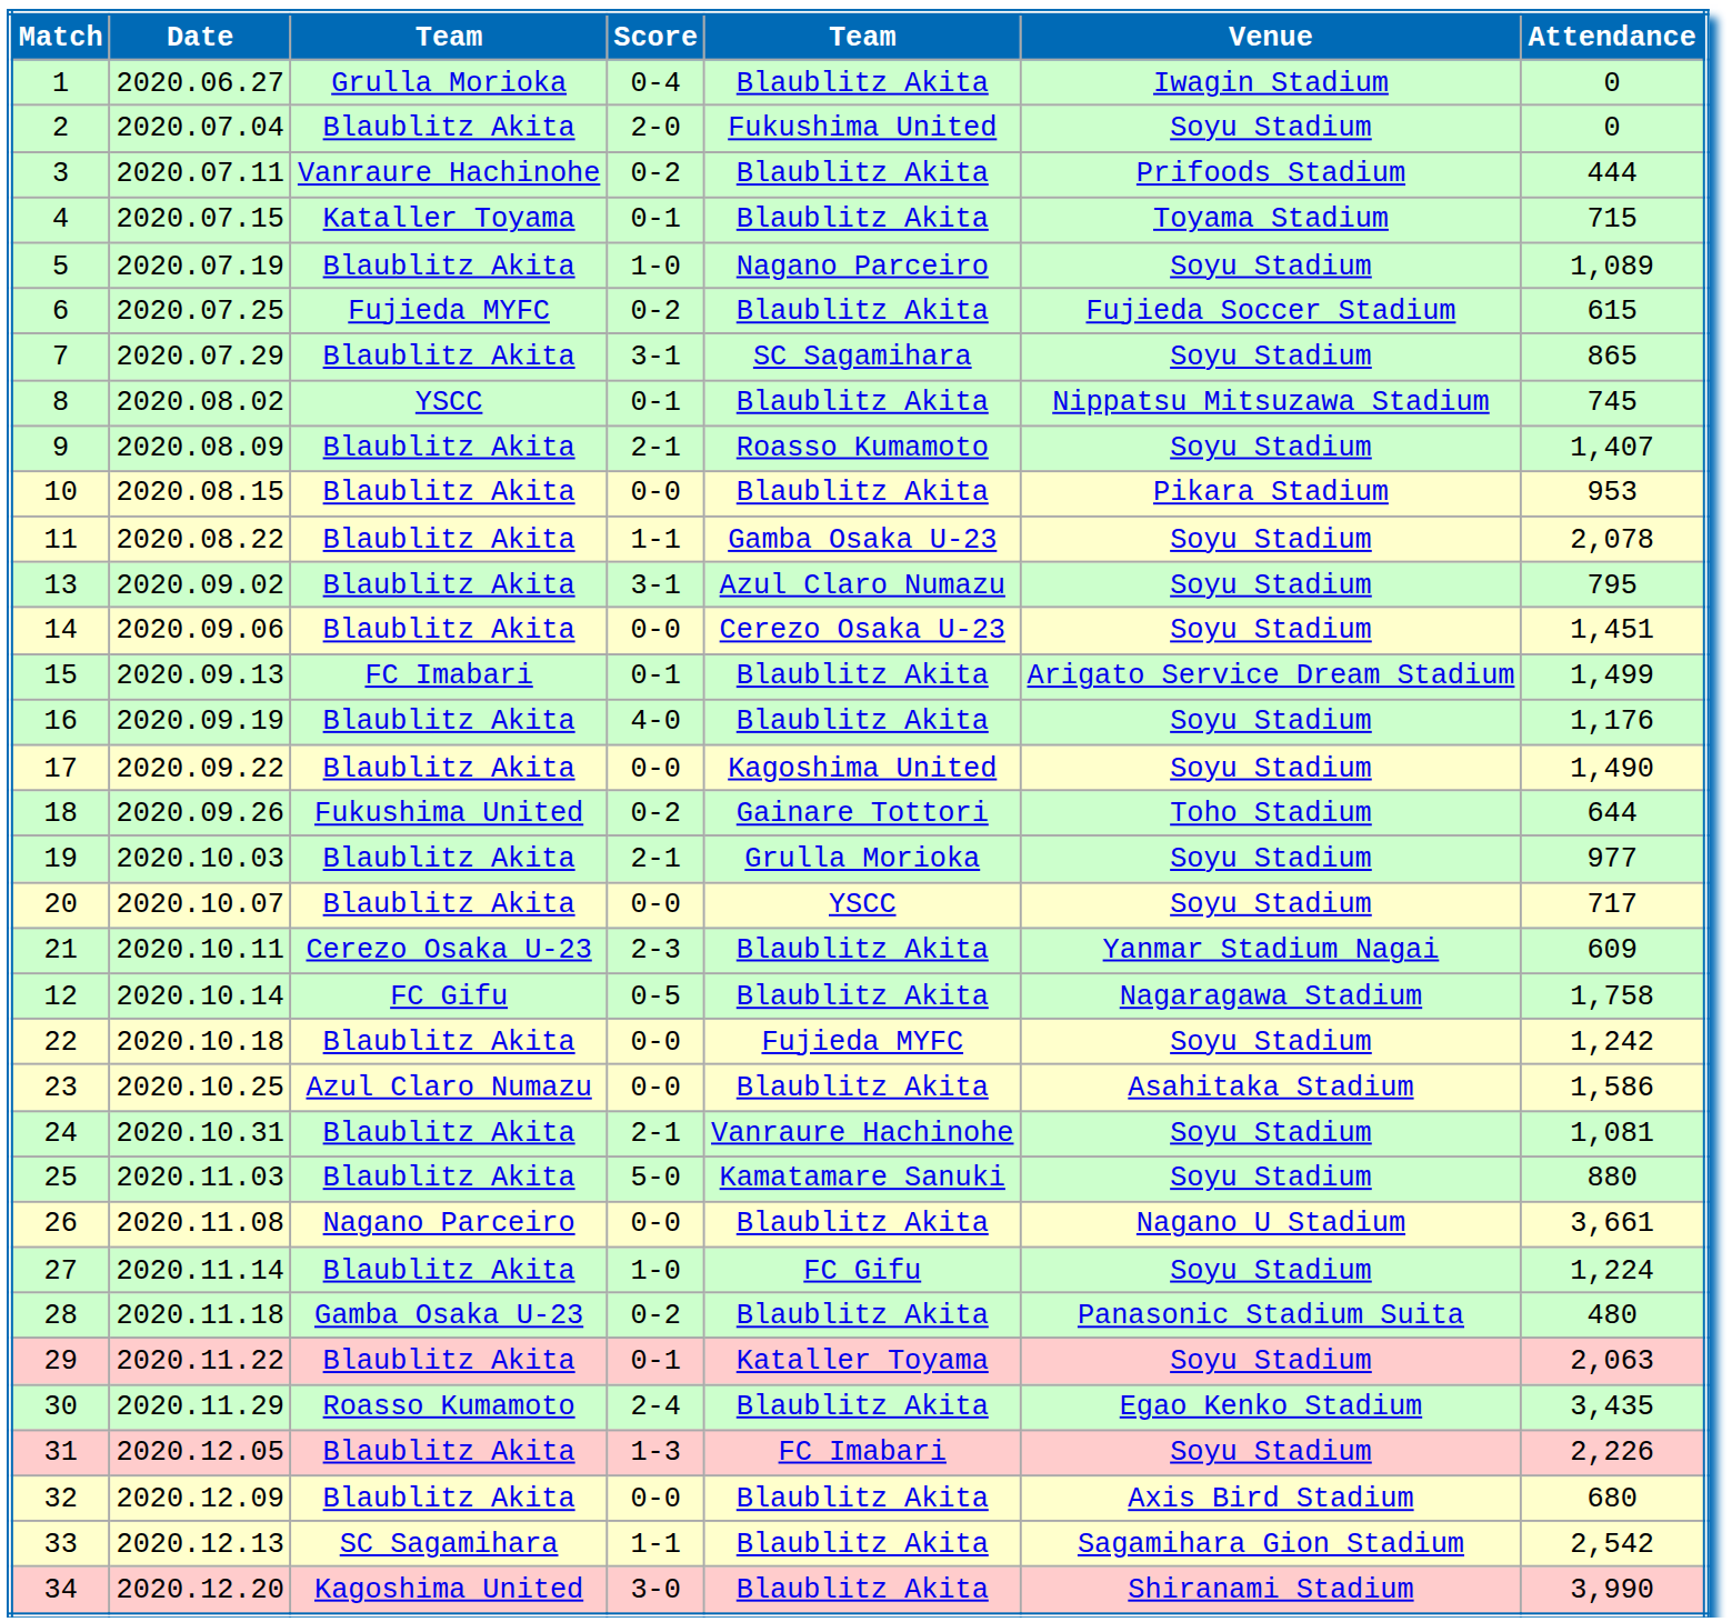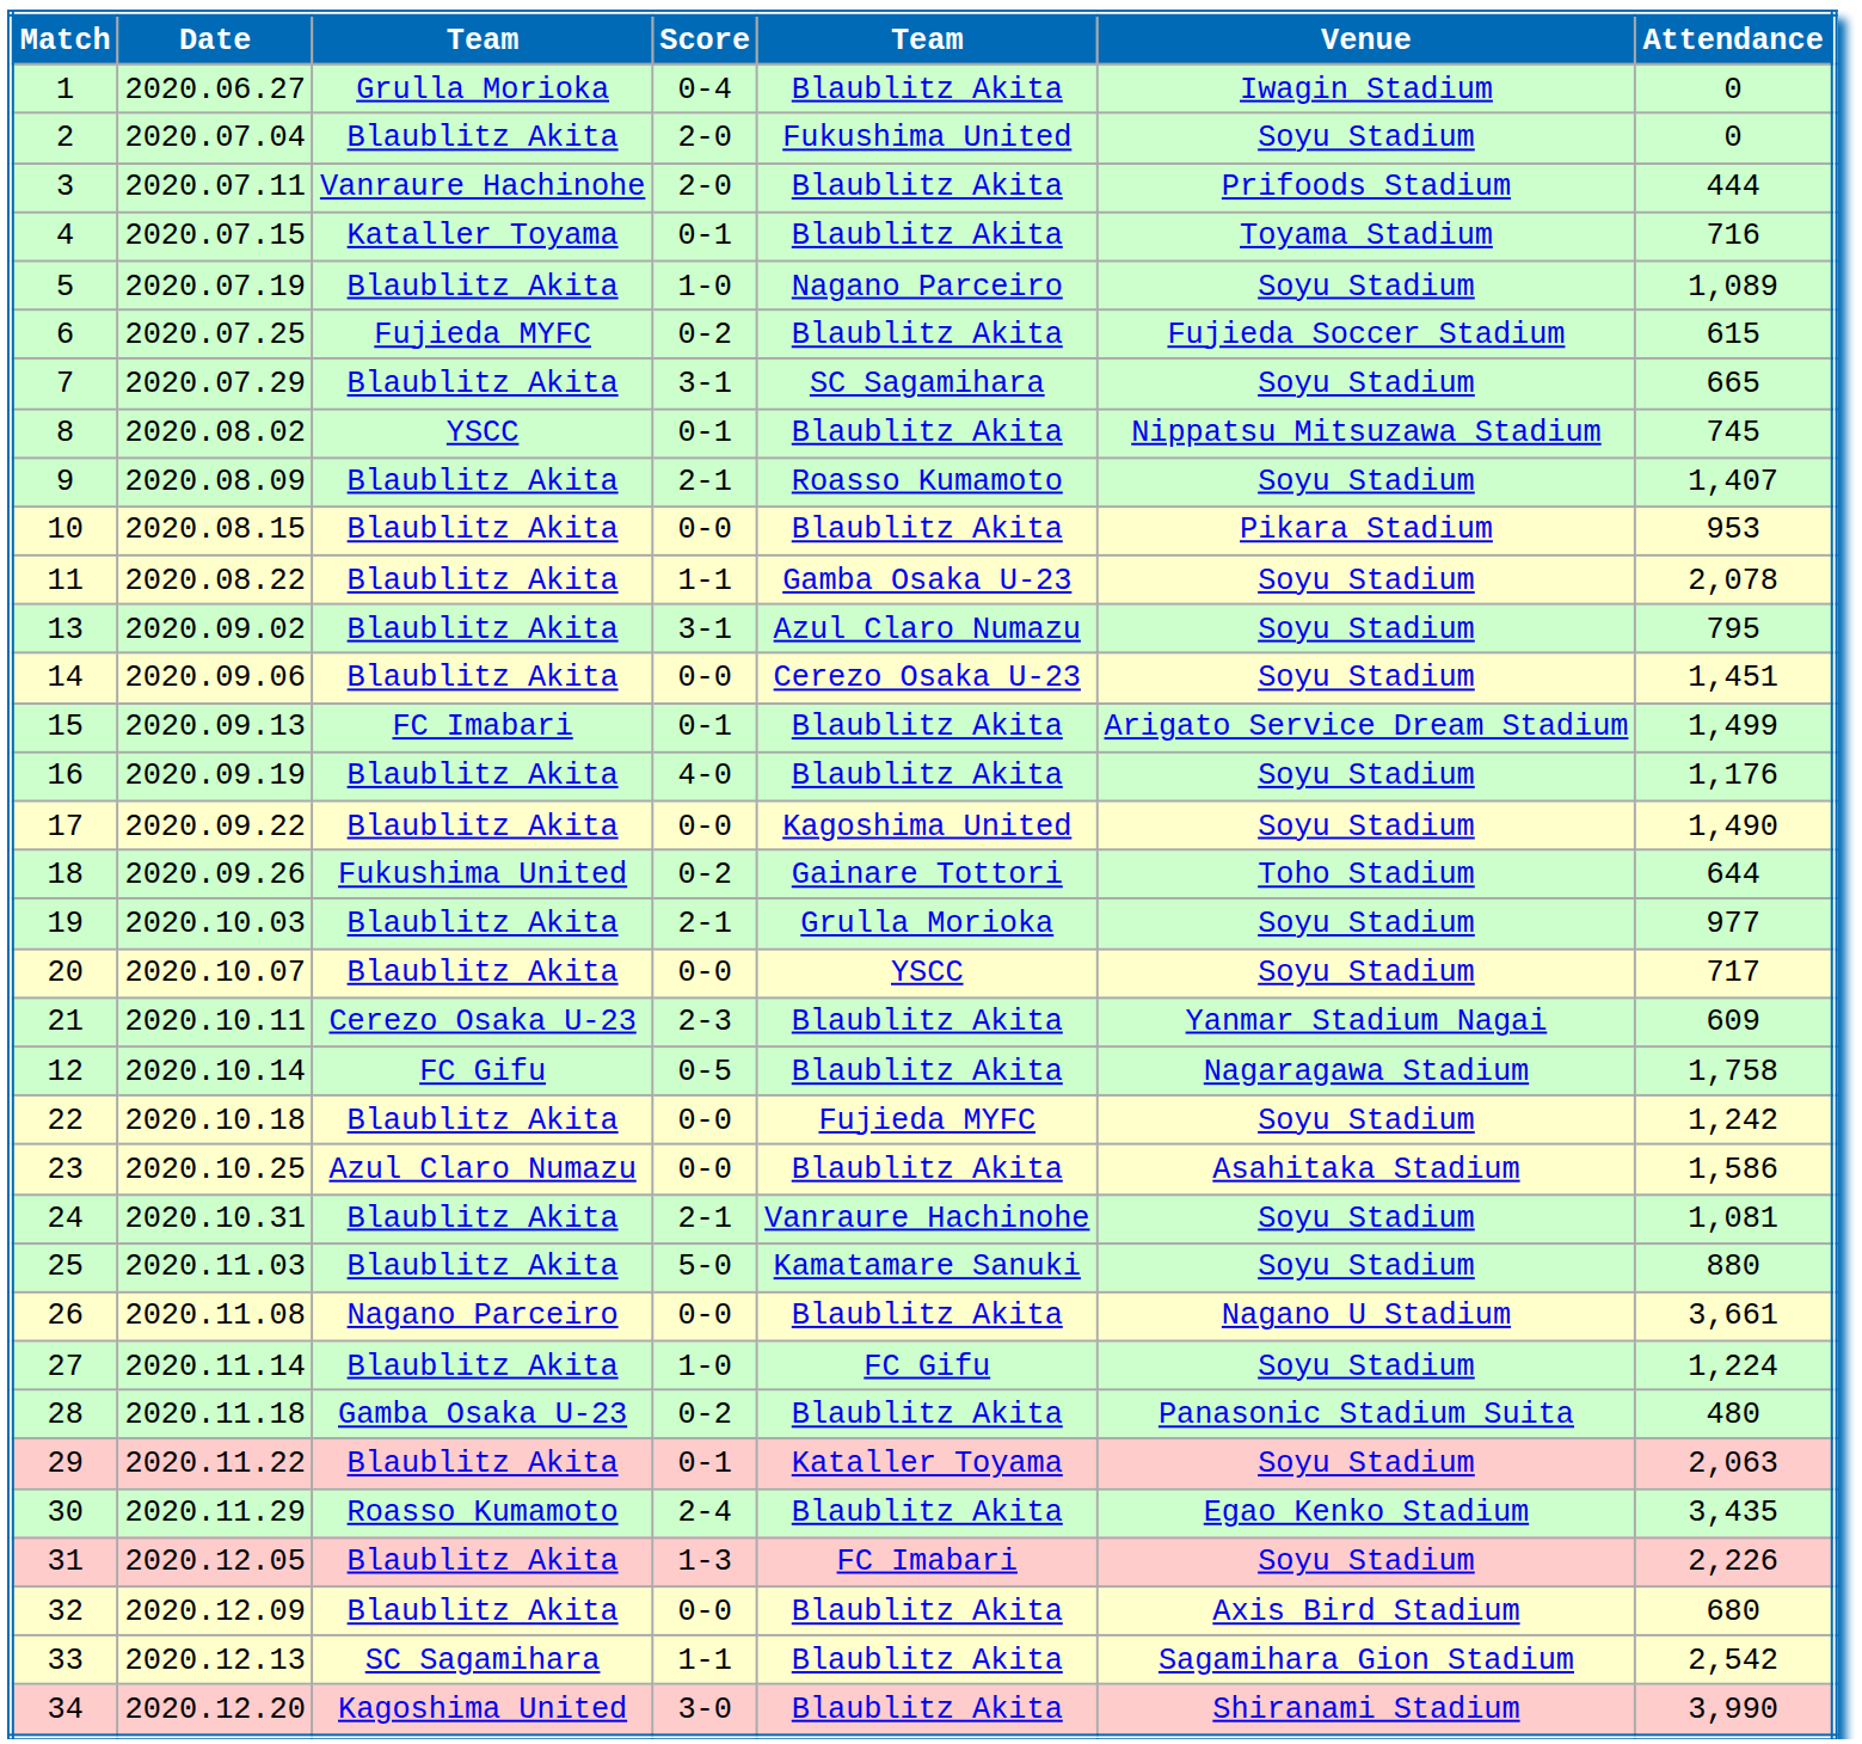 <table class="wikitable" style="text-align:center; white-space:nowrap; border:double #006AB6; box-shadow: 4px 4px 4px #006AB6">
 <tr style="background-color:#006AB6; color:#FFF; font-weight:bold;">
 <td>Match</td>
 <td>Date</td>
 <td>Team</td>
 <td>Score</td>
 <td>Team</td>
 <td>Venue</td>
 <td>Attendance</td>
 </tr>
 <tr style="background-color: #CCFFCC;">
 <td>1</td>
 <td>2020.06.27</td>
 <td><a href='#'>Grulla Morioka</a></td>
 <td>0-4</td>
 <td><a href='#'>Blaublitz Akita</a></td>
 <td><a href='#'>Iwagin Stadium</a></td>
 <td>0</td>
 </tr>
 <tr style="background-color: #CCFFCC;">
 <td>2</td>
 <td>2020.07.04</td>
 <td><a href='#'>Blaublitz Akita</a></td>
 <td>2-0</td>
 <td><a href='#'>Fukushima United</a></td>
 <td><a href='#'>Soyu Stadium</a></td>
 <td>0</td>
 </tr>
 <tr style="background-color: #CCFFCC;">
 <td>3</td>
 <td>2020.07.11</td>
 <td><a href='#'>Vanraure Hachinohe</a></td>
-<td>0-2</td>
+<td>2-0</td>
 <td><a href='#'>Blaublitz Akita</a></td>
 <td><a href='#'>Prifoods Stadium</a></td>
 <td>444</td>
 </tr>
 <tr style="background-color: #CCFFCC;">
 <td>4</td>
 <td>2020.07.15</td>
 <td><a href='#'>Kataller Toyama</a></td>
 <td>0-1</td>
 <td><a href='#'>Blaublitz Akita</a></td>
 <td><a href='#'>Toyama Stadium</a></td>
-<td>715</td>
+<td>716</td>
 </tr>
 <tr style="background-color: #CCFFCC;">
 <td>5</td>
 <td>2020.07.19</td>
 <td><a href='#'>Blaublitz Akita</a></td>
 <td>1-0</td>
 <td><a href='#'>Nagano Parceiro</a></td>
 <td><a href='#'>Soyu Stadium</a></td>
 <td>1,089</td>
 </tr>
 <tr style="background-color: #CCFFCC;">
 <td>6</td>
 <td>2020.07.25</td>
 <td><a href='#'>Fujieda MYFC</a></td>
 <td>0-2</td>
 <td><a href='#'>Blaublitz Akita</a></td>
 <td><a href='#'>Fujieda Soccer Stadium</a></td>
 <td>615</td>
 </tr>
 <tr style="background-color: #CCFFCC;">
 <td>7</td>
 <td>2020.07.29</td>
 <td><a href='#'>Blaublitz Akita</a></td>
 <td>3-1</td>
 <td><a href='#'>SC Sagamihara</a></td>
 <td><a href='#'>Soyu Stadium</a></td>
-<td>865</td>
+<td>665</td>
 </tr>
 <tr style="background-color: #CCFFCC;">
 <td>8</td>
 <td>2020.08.02</td>
 <td><a href='#'>YSCC</a></td>
 <td>0-1</td>
 <td><a href='#'>Blaublitz Akita</a></td>
 <td><a href='#'>Nippatsu Mitsuzawa Stadium</a></td>
 <td>745</td>
 </tr>
 <tr style="background-color: #CCFFCC;">
 <td>9</td>
 <td>2020.08.09</td>
 <td><a href='#'>Blaublitz Akita</a></td>
 <td>2-1</td>
 <td><a href='#'>Roasso Kumamoto</a></td>
 <td><a href='#'>Soyu Stadium</a></td>
 <td>1,407</td>
 </tr>
 <tr style="background-color: #FFFFCC;">
 <td>10</td>
 <td>2020.08.15</td>
 <td><a href='#'>Blaublitz Akita</a></td>
 <td>0-0</td>
 <td><a href='#'>Blaublitz Akita</a></td>
 <td><a href='#'>Pikara Stadium</a></td>
 <td>953</td>
 </tr>
 <tr style="background-color: #FFFFCC;">
 <td>11</td>
 <td>2020.08.22</td>
 <td><a href='#'>Blaublitz Akita</a></td>
 <td>1-1</td>
 <td><a href='#'>Gamba Osaka U-23</a></td>
 <td><a href='#'>Soyu Stadium</a></td>
 <td>2,078</td>
 </tr>
 <tr style="background-color: #CCFFCC;">
 <td>13</td>
 <td>2020.09.02</td>
 <td><a href='#'>Blaublitz Akita</a></td>
 <td>3-1</td>
 <td><a href='#'>Azul Claro Numazu</a></td>
 <td><a href='#'>Soyu Stadium</a></td>
 <td>795</td>
 </tr>
 <tr style="background-color: #FFFFCC;">
 <td>14</td>
 <td>2020.09.06</td>
 <td><a href='#'>Blaublitz Akita</a></td>
 <td>0-0</td>
 <td><a href='#'>Cerezo Osaka U-23</a></td>
 <td><a href='#'>Soyu Stadium</a></td>
 <td>1,451</td>
 </tr>
 <tr style="background-color: #CCFFCC;">
 <td>15</td>
 <td>2020.09.13</td>
 <td><a href='#'>FC Imabari</a></td>
 <td>0-1</td>
 <td><a href='#'>Blaublitz Akita</a></td>
 <td><a href='#'>Arigato Service Dream Stadium</a></td>
 <td>1,499</td>
 </tr>
 <tr style="background-color: #CCFFCC;">
 <td>16</td>
 <td>2020.09.19</td>
 <td><a href='#'>Blaublitz Akita</a></td>
 <td>4-0</td>
 <td><a href='#'>Blaublitz Akita</a></td>
 <td><a href='#'>Soyu Stadium</a></td>
 <td>1,176</td>
 </tr>
 <tr style="background-color: #FFFFCC;">
 <td>17</td>
 <td>2020.09.22</td>
 <td><a href='#'>Blaublitz Akita</a></td>
 <td>0-0</td>
 <td><a href='#'>Kagoshima United</a></td>
 <td><a href='#'>Soyu Stadium</a></td>
 <td>1,490</td>
 </tr>
 <tr style="background-color: #CCFFCC;">
 <td>18</td>
 <td>2020.09.26</td>
 <td><a href='#'>Fukushima United</a></td>
 <td>0-2</td>
 <td><a href='#'>Gainare Tottori</a></td>
 <td><a href='#'>Toho Stadium</a></td>
 <td>644</td>
 </tr>
 <tr style="background-color: #CCFFCC;">
 <td>19</td>
 <td>2020.10.03</td>
 <td><a href='#'>Blaublitz Akita</a></td>
 <td>2-1</td>
 <td><a href='#'>Grulla Morioka</a></td>
 <td><a href='#'>Soyu Stadium</a></td>
 <td>977</td>
 </tr>
 <tr style="background-color: #FFFFCC;">
 <td>20</td>
 <td>2020.10.07</td>
 <td><a href='#'>Blaublitz Akita</a></td>
 <td>0-0</td>
 <td><a href='#'>YSCC</a></td>
 <td><a href='#'>Soyu Stadium</a></td>
 <td>717</td>
 </tr>
 <tr style="background-color: #CCFFCC;">
 <td>21</td>
 <td>2020.10.11</td>
 <td><a href='#'>Cerezo Osaka U-23</a></td>
 <td>2-3</td>
 <td><a href='#'>Blaublitz Akita</a></td>
 <td><a href='#'>Yanmar Stadium Nagai</a></td>
 <td>609</td>
 </tr>
 <tr style="background-color: #CCFFCC;">
 <td>12</td>
 <td>2020.10.14</td>
 <td><a href='#'>FC Gifu</a></td>
 <td>0-5</td>
 <td><a href='#'>Blaublitz Akita</a></td>
 <td><a href='#'>Nagaragawa Stadium</a></td>
 <td>1,758</td>
 </tr>
 <tr style="background-color: #FFFFCC;">
 <td>22</td>
 <td>2020.10.18</td>
 <td><a href='#'>Blaublitz Akita</a></td>
 <td>0-0</td>
 <td><a href='#'>Fujieda MYFC</a></td>
 <td><a href='#'>Soyu Stadium</a></td>
 <td>1,242</td>
 </tr>
 <tr style="background-color: #FFFFCC;">
 <td>23</td>
 <td>2020.10.25</td>
 <td><a href='#'>Azul Claro Numazu</a></td>
 <td>0-0</td>
 <td><a href='#'>Blaublitz Akita</a></td>
 <td><a href='#'>Asahitaka Stadium</a></td>
 <td>1,586</td>
 </tr>
 <tr style="background-color: #CCFFCC;">
 <td>24</td>
 <td>2020.10.31</td>
 <td><a href='#'>Blaublitz Akita</a></td>
 <td>2-1</td>
 <td><a href='#'>Vanraure Hachinohe</a></td>
 <td><a href='#'>Soyu Stadium</a></td>
 <td>1,081</td>
 </tr>
 <tr style="background-color: #CCFFCC;">
 <td>25</td>
 <td>2020.11.03</td>
 <td><a href='#'>Blaublitz Akita</a></td>
 <td>5-0</td>
 <td><a href='#'>Kamatamare Sanuki</a></td>
 <td><a href='#'>Soyu Stadium</a></td>
 <td>880</td>
 </tr>
 <tr style="background-color: #FFFFCC;">
 <td>26</td>
 <td>2020.11.08</td>
 <td><a href='#'>Nagano Parceiro</a></td>
 <td>0-0</td>
 <td><a href='#'>Blaublitz Akita</a></td>
 <td><a href='#'>Nagano U Stadium</a></td>
 <td>3,661</td>
 </tr>
 <tr style="background-color: #CCFFCC;">
 <td>27</td>
 <td>2020.11.14</td>
 <td><a href='#'>Blaublitz Akita</a></td>
 <td>1-0</td>
 <td><a href='#'>FC Gifu</a></td>
 <td><a href='#'>Soyu Stadium</a></td>
 <td>1,224</td>
 </tr>
 <tr style="background-color: #CCFFCC;">
 <td>28</td>
 <td>2020.11.18</td>
 <td><a href='#'>Gamba Osaka U-23</a></td>
 <td>0-2</td>
 <td><a href='#'>Blaublitz Akita</a></td>
 <td><a href='#'>Panasonic Stadium Suita</a></td>
 <td>480</td>
 </tr>
 <tr style="background-color: #FFCCCC;">
 <td>29</td>
 <td>2020.11.22</td>
 <td><a href='#'>Blaublitz Akita</a></td>
 <td>0-1</td>
 <td><a href='#'>Kataller Toyama</a></td>
 <td><a href='#'>Soyu Stadium</a></td>
 <td>2,063</td>
 </tr>
 <tr style="background-color: #CCFFCC;">
 <td>30</td>
 <td>2020.11.29</td>
 <td><a href='#'>Roasso Kumamoto</a></td>
 <td>2-4</td>
 <td><a href='#'>Blaublitz Akita</a></td>
 <td><a href='#'>Egao Kenko Stadium</a></td>
 <td>3,435</td>
 </tr>
 <tr style="background-color: #FFCCCC;">
 <td>31</td>
 <td>2020.12.05</td>
 <td><a href='#'>Blaublitz Akita</a></td>
 <td>1-3</td>
 <td><a href='#'>FC Imabari</a></td>
 <td><a href='#'>Soyu Stadium</a></td>
 <td>2,226</td>
 </tr>
 <tr style="background-color: #FFFFCC;">
 <td>32</td>
 <td>2020.12.09</td>
 <td><a href='#'>Blaublitz Akita</a></td>
 <td>0-0</td>
 <td><a href='#'>Blaublitz Akita</a></td>
 <td><a href='#'>Axis Bird Stadium</a></td>
 <td>680</td>
 </tr>
 <tr style="background-color: #FFFFCC;">
 <td>33</td>
 <td>2020.12.13</td>
 <td><a href='#'>SC Sagamihara</a></td>
 <td>1-1</td>
 <td><a href='#'>Blaublitz Akita</a></td>
 <td><a href='#'>Sagamihara Gion Stadium</a></td>
 <td>2,542</td>
 </tr>
 <tr style="background-color: #FFCCCC;">
 <td>34</td>
 <td>2020.12.20</td>
 <td><a href='#'>Kagoshima United</a></td>
 <td>3-0</td>
 <td><a href='#'>Blaublitz Akita</a></td>
 <td><a href='#'>Shiranami Stadium</a></td>
 <td>3,990</td>
 </tr>
 </table>
